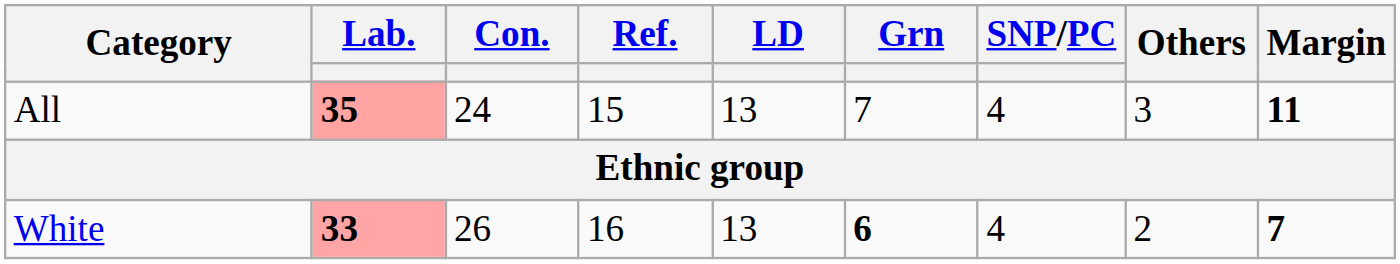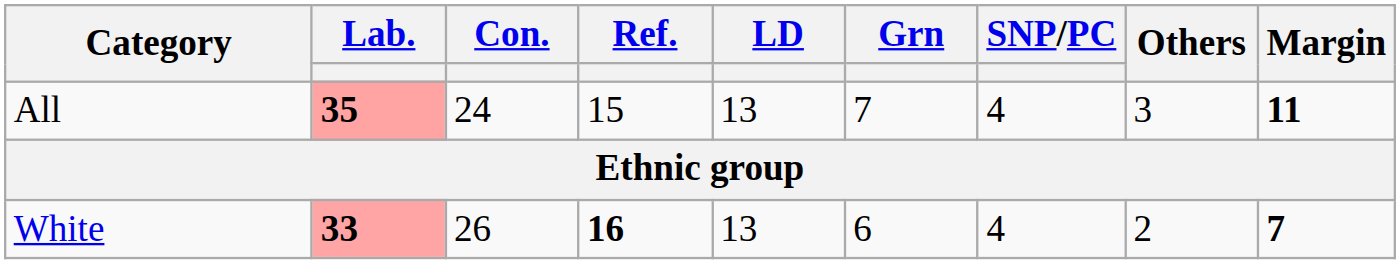 <table class="wikitable defaultright col1left">
 <tr>
 <th scope="col" style="width:125px;" rowspan="2">Category</th>
 <th scope="col" style="width:50px;"><a href='#'>Lab.</a></th>
 <th scope="col" style="width:50px;"><a href='#'>Con.</a></th>
 <th scope="col" style="width:50px;"><a href='#'>Ref.</a></th>
 <th scope="col" style="width:50px;"><a href='#'>LD</a></th>
 <th scope="col" style="width:50px;"><a href='#'>Grn</a></th>
 <th scope="col" style="width:50px;"><a href='#'>SNP</a>/<a href='#'>PC</a></th>
 <th scope="col" style="width:50px;" rowspan="2">Others</th>
 <th scope="col"                     rowspan="2">Margin</th>
 </tr>
 <tr>
 <th scope="col" style="color:inherit; background-color:"></th>
 <th scope="col" style="color:inherit; background-color:"></th>
 <th scope="col" style="color:inherit; background-color:"></th>
 <th scope="col" style="color:inherit; background-color:"></th>
 <th scope="col" style="color:inherit; background-color:"></th>
 <th scope="col" style="color:inherit; background-color:"></th>
 </tr>
 <tr>
 <td>All</td>
 <td style="background:#FFA3A3;"><strong>35</strong></td>
 <td>24</td>
 <td>15</td>
 <td>13</td>
 <td>7</td>
 <td>4</td>
 <td>3</td>
 <td style="background:"><strong>11</strong></td>
 </tr>
 <tr>
 <th colspan="9">Ethnic group</th>
 </tr>
 <tr>
 <td><a href='#'>White</a></td>
 <td style="background:#FFA5A5;"><strong>33</strong></td>
 <td>26</td>
-<td>16</td>
+<td><strong>16</strong></td>
 <td>13</td>
-<td><strong>6</strong></td>
+<td>6</td>
 <td>4</td>
 <td>2</td>
 <td style="background:"><strong>7</strong></td>
 </tr>
 </table>
